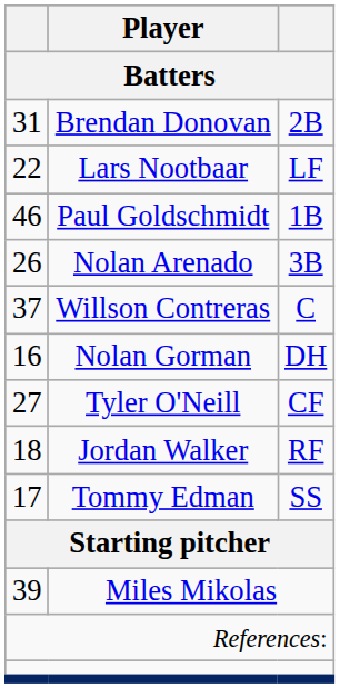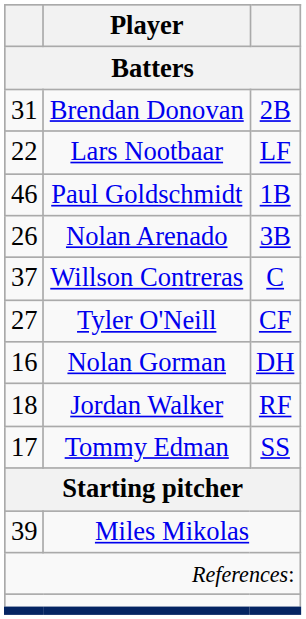 <table class="wikitable" style="text-align:center">
 <tr>
 <th></th>
 <th>Player</th>
 <th></th>
 </tr>
 <tr>
 <th colspan="3">Batters</th>
 </tr>
 <tr>
 <td>31</td>
 <td><a href='#'>Brendan Donovan</a></td>
 <td><a href='#'>2B</a></td>
 </tr>
 <tr>
 <td>22</td>
 <td><a href='#'>Lars Nootbaar</a></td>
 <td><a href='#'>LF</a></td>
 </tr>
 <tr>
 <td>46</td>
 <td><a href='#'>Paul Goldschmidt</a></td>
 <td><a href='#'>1B</a></td>
 </tr>
 <tr>
 <td>26</td>
 <td><a href='#'>Nolan Arenado</a></td>
 <td><a href='#'>3B</a></td>
 </tr>
 <tr>
 <td>37</td>
 <td><a href='#'>Willson Contreras</a></td>
 <td><a href='#'>C</a></td>
 </tr>
 <tr>
+<td>27</td>
+<td><a href='#'>Tyler O'Neill</a></td>
+<td><a href='#'>CF</a></td>
+</tr>
+<tr>
 <td>16</td>
 <td><a href='#'>Nolan Gorman</a></td>
 <td><a href='#'>DH</a></td>
-</tr>
-<tr>
-<td>27</td>
-<td><a href='#'>Tyler O'Neill</a></td>
-<td><a href='#'>CF</a></td>
 </tr>
 <tr>
 <td>18</td>
 <td><a href='#'>Jordan Walker</a></td>
 <td><a href='#'>RF</a></td>
 </tr>
 <tr>
 <td>17</td>
 <td><a href='#'>Tommy Edman</a></td>
 <td><a href='#'>SS</a></td>
 </tr>
 <tr>
 <th colspan="3">Starting pitcher</th>
 </tr>
 <tr>
 <td>39</td>
 <td colspan="2"><a href='#'>Miles Mikolas</a></td>
 </tr>
 <tr>
 <td style="text-align:right"; colspan="3"><small><em>References</em>:</small></td>
 </tr>
 <tr>
 <td style="border-bottom:#042462 5px solid;" colspan="3"></td>
 </tr>
 </table>
